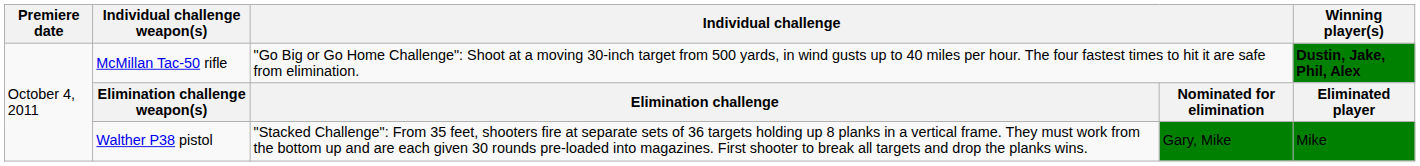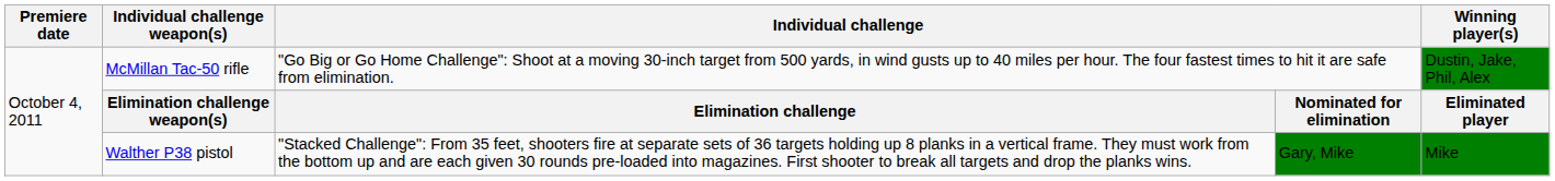 <table class="wikitable">
 <tr>
 <th>Premiere date</th>
 <th>Individual challenge weapon(s)</th>
 <th colspan="2">Individual challenge</th>
 <th>Winning player(s)</th>
 </tr>
 <tr>
 <td rowspan="3">October 4, 2011</td>
 <td><a href='#'>McMillan Tac-50</a> rifle</td>
 <td colspan="2">"Go Big or Go Home Challenge": Shoot at a moving 30-inch target from 500 yards, in wind gusts up to 40 miles per hour. The four fastest times to hit it are safe from elimination.</td>
-<td style="background:green;"><strong><span>Dustin, Jake, Phil, Alex</span></strong></td>
+<td style="background:green;"><span>Dustin, Jake, Phil, Alex</span></td>
 </tr>
 <tr>
 <th>Elimination challenge weapon(s)</th>
 <th>Elimination challenge</th>
 <th>Nominated for elimination</th>
 <th>Eliminated player</th>
 </tr>
 <tr>
 <td><a href='#'>Walther P38</a> pistol</td>
 <td>"Stacked Challenge": From 35 feet, shooters fire at separate sets of 36 targets holding up 8 planks in a vertical frame. They must work from the bottom up and are each given 30 rounds pre-loaded into magazines. First shooter to break all targets and drop the planks wins.</td>
 <td style="background:green;"><span>Gary, Mike</span></td>
 <td style="background:green;"><span>Mike</span></td>
 </tr>
 </table>
